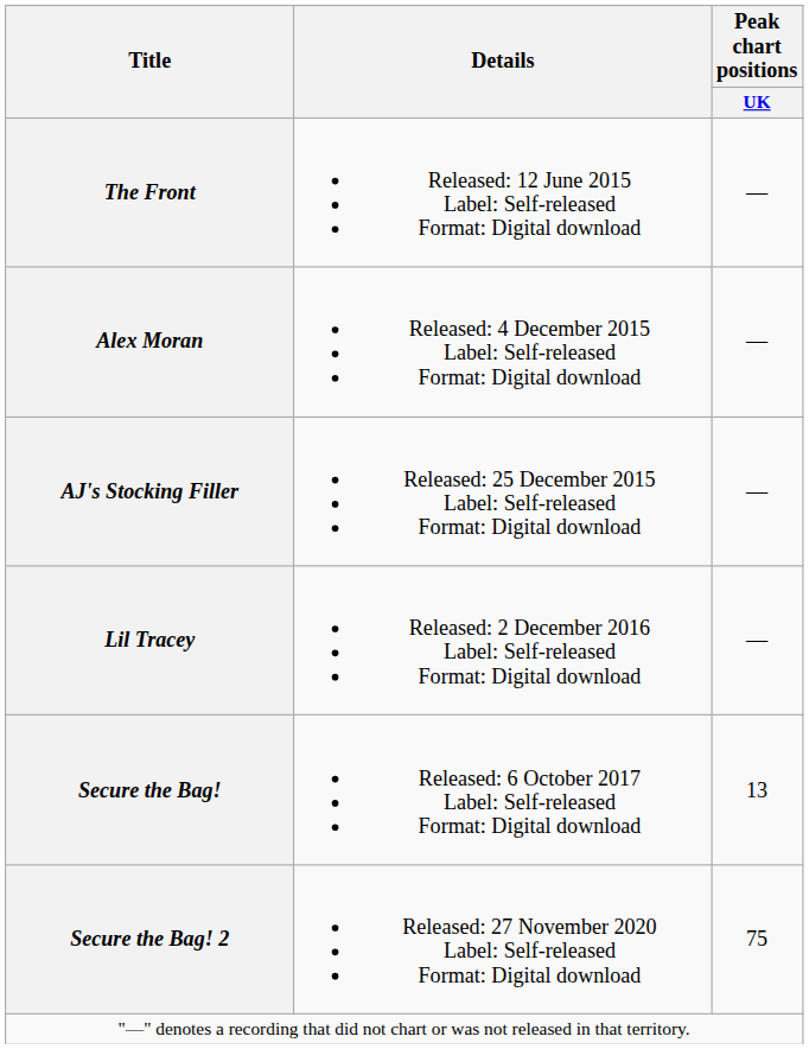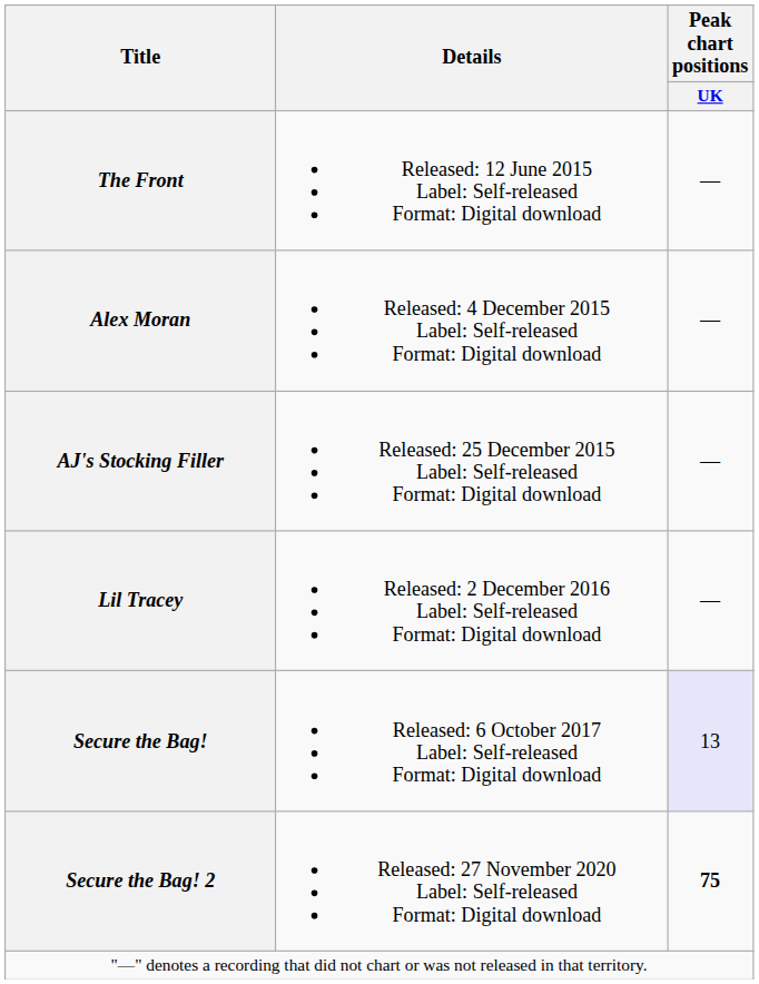 <table class="wikitable plainrowheaders" style="text-align:center;">
 <tr>
 <th scope="col" rowspan="2" style="width:13em;">Title</th>
 <th scope="col" rowspan="2" style="width:19em;">Details</th>
 <th scope="col" colspan="1">Peak chart positions</th>
 </tr>
 <tr>
 <th scope="col" style="width:3em;font-size:85%;"><a href='#'>UK</a><br></th>
 </tr>
 <tr>
 <th scope="row"><em>The Front</em></th>
 <td><br><ul><li>Released: 12 June 2015</li><li>Label: Self-released</li><li>Format: Digital download</li></ul></td>
 <td>—</td>
 </tr>
 <tr>
 <th scope="row"><em>Alex Moran</em></th>
 <td><br><ul><li>Released: 4 December 2015</li><li>Label: Self-released</li><li>Format: Digital download</li></ul></td>
 <td>—</td>
 </tr>
 <tr>
 <th scope="row"><em>AJ's Stocking Filler</em></th>
 <td><br><ul><li>Released: 25 December 2015</li><li>Label: Self-released</li><li>Format: Digital download</li></ul></td>
 <td>—</td>
 </tr>
 <tr>
 <th scope="row"><em>Lil Tracey</em></th>
 <td><br><ul><li>Released: 2 December 2016</li><li>Label: Self-released</li><li>Format: Digital download</li></ul></td>
 <td>—</td>
 </tr>
 <tr>
 <th scope="row"><em>Secure the Bag!</em></th>
 <td><br><ul><li>Released: 6 October 2017</li><li>Label: Self-released</li><li>Format: Digital download</li></ul></td>
-<td>13</td>
+<td style="background: lavender;">13</td>
 </tr>
 <tr>
 <th scope="row"><em>Secure the Bag! 2</em></th>
 <td><br><ul><li>Released: 27 November 2020</li><li>Label: Self-released</li><li>Format: Digital download</li></ul></td>
-<td>75</td>
+<td><strong>75</strong></td>
 </tr>
 <tr>
 <td colspan="20" style="font-size:85%">"—" denotes a recording that did not chart or was not released in that territory.</td>
 </tr>
 </table>
